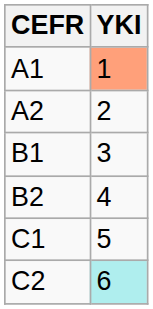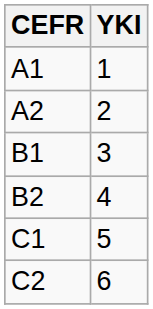 <table class="wikitable">
 <tr>
 <th>CEFR</th>
 <th>YKI</th>
 </tr>
 <tr>
 <td>A1</td>
-<td style="background: lightsalmon;">1</td>
+<td>1</td>
 </tr>
 <tr>
 <td>A2</td>
 <td>2</td>
 </tr>
 <tr>
 <td>B1</td>
 <td>3</td>
 </tr>
 <tr>
 <td>B2</td>
 <td>4</td>
 </tr>
 <tr>
 <td>C1</td>
 <td>5</td>
 </tr>
 <tr>
 <td>C2</td>
-<td style="background: paleturquoise;">6</td>
+<td>6</td>
 </tr>
 </table>
